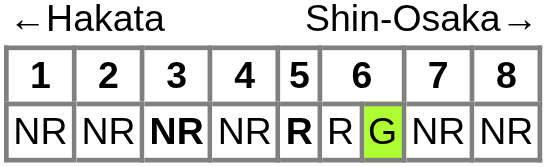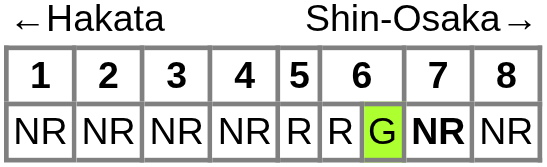 <table cellspacing=0 cellpadding=2>
 <tr>
 <td colspan=4 style="text-align:left">←Hakata</td>
 <td colspan=5 style="text-align:right">Shin-Osaka→</td>
 </tr>
 <tr>
 <th style="border-top:solid 2px gray;border-left:solid 2px gray;border-right:solid 2px gray;">1</th>
 <th style="border-top:solid 2px gray;border-right:solid 2px gray;">2</th>
 <th style="border-top:solid 2px gray;border-right:solid 2px gray;">3</th>
 <th style="border-top:solid 2px gray;border-right:solid 2px gray;">4</th>
 <th style="border-top:solid 2px gray;border-right:solid 2px gray;">5</th>
 <th colspan=2 style="border-top:solid 2px gray;border-right:solid 2px gray;">6</th>
 <th style="border-top:solid 2px gray;border-right:solid 2px gray;">7</th>
 <th style="border-top:solid 2px gray;border-right:solid 2px gray;">8</th>
 </tr>
 <tr style="text-align:center;">
 <td style="border:solid 2px gray; bgcolor=white;">NR</td>
 <td style="border-top:solid 2px gray;border-bottom:solid 2px gray;border-right:solid 2px gray; background:white;">NR</td>
-<td style="border-top:solid 2px gray;border-bottom:solid 2px gray;border-right:solid 2px gray; background:white;"><strong>NR</strong></td>
 <td style="border-top:solid 2px gray;border-bottom:solid 2px gray;border-right:solid 2px gray; background:white;">NR</td>
-<td style="border-top:solid 2px gray;border-bottom:solid 2px gray;border-right:solid 2px gray; background:white;"><strong>R</strong></td>
+<td style="border-top:solid 2px gray;border-bottom:solid 2px gray;border-right:solid 2px gray; background:white;">NR</td>
+<td style="border-top:solid 2px gray;border-bottom:solid 2px gray;border-right:solid 2px gray; background:white;">R</td>
 <td style="border-top:solid 2px gray;border-bottom:solid 2px gray;border-right:solid 2px gray; background:white;">R</td>
 <td style="border-top:solid 2px gray;border-bottom:solid 2px gray;border-right:solid 2px gray; background:greenyellow;">G</td>
-<td style="border-top:solid 2px gray;border-bottom:solid 2px gray;border-right:solid 2px gray; background:white;">NR</td>
+<td style="border-top:solid 2px gray;border-bottom:solid 2px gray;border-right:solid 2px gray; background:white;"><strong>NR</strong></td>
 <td style="border-top:solid 2px gray;border-bottom:solid 2px gray;border-right:solid 2px gray; background:white;">NR</td>
 </tr>
 </table>
